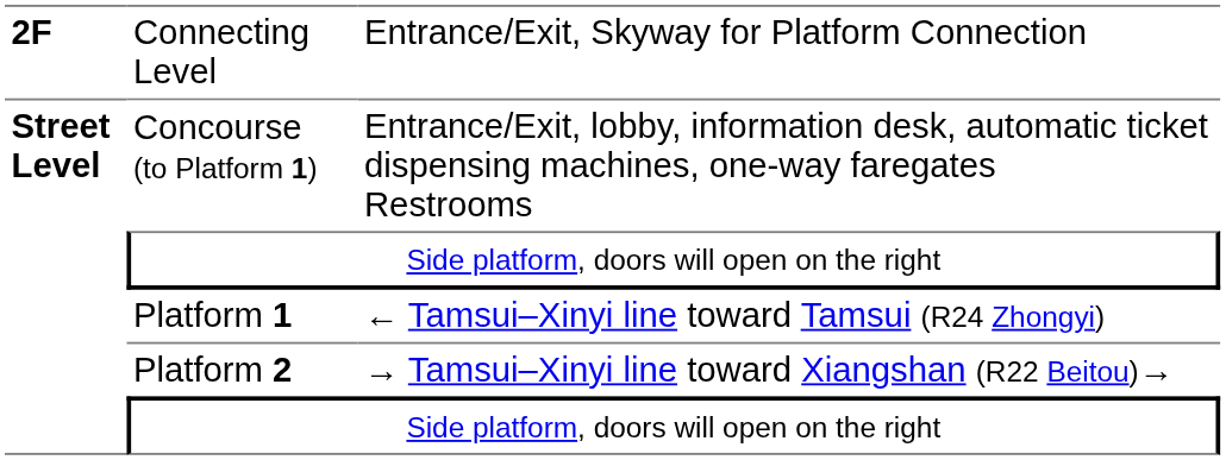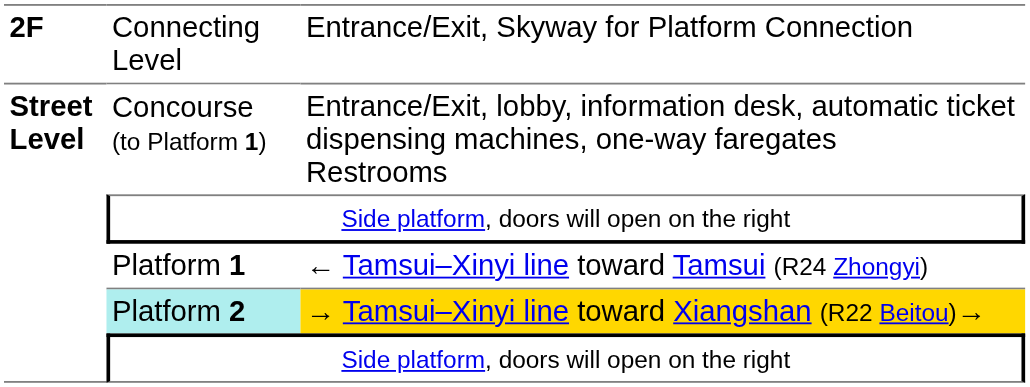 <table table border=0 cellspacing=0 cellpadding=3>
 <tr>
 <td style="border-bottom:solid 1px gray;border-top:solid 1px gray;" width=50 valign=top><strong>2F</strong></td>
 <td style="border-top:solid 1px gray;border-bottom:solid 1px gray;" width=100 valign=top>Connecting Level</td>
 <td style="border-top:solid 1px gray;border-bottom:solid 1px gray;" width=390 valign=top>Entrance/Exit, Skyway for Platform Connection</td>
 </tr>
 <tr>
 <td style="border-bottom:solid 1px gray;" width=50 rowspan=10 valign=top><strong>Street Level</strong></td>
 </tr>
 <tr>
 <td style="border-top:solid 1px white;" rowspan=2 valign=top>Concourse<br><small> (to Platform <span><strong>1</strong></span>)</small></td>
 </tr>
 <tr>
 <td width=390>Entrance/Exit, lobby, information desk, automatic ticket dispensing machines, one-way faregates<br>Restrooms</td>
 </tr>
 <tr>
 <td style="border-right:solid 2px black;border-left:solid 2px black;border-bottom:solid 2px black;border-top:solid 1px gray;text-align:center;" colspan=2><small><a href='#'>Side platform</a>, doors will open on the right</small></td>
 </tr>
 <tr>
 <td style="border-bottom:solid 1px gray;" width=100>Platform <span><strong>1</strong></span></td>
 <td style="border-bottom:solid 1px gray;" width=390>←  <a href='#'>Tamsui–Xinyi line</a> toward <a href='#'>Tamsui</a> <small>(R24 <a href='#'>Zhongyi</a>)</small></td>
 </tr>
 <tr>
-<td>Platform <span><strong>2</strong></span></td>
-<td><span>→</span>  <a href='#'>Tamsui–Xinyi line</a> toward <a href='#'>Xiangshan</a> <small>(R22 <a href='#'>Beitou</a>)</small>→</td>
+<td style="background: paleturquoise;">Platform <span><strong>2</strong></span></td>
+<td style="background: gold;"><span>→</span>  <a href='#'>Tamsui–Xinyi line</a> toward <a href='#'>Xiangshan</a> <small>(R22 <a href='#'>Beitou</a>)</small>→</td>
 </tr>
 <tr>
 <td style="border-top:solid 2px black;border-right:solid 2px black;border-left:solid 2px black;border-bottom:solid 1px gray;text-align:center;" colspan=2><small><a href='#'>Side platform</a>, doors will open on the right</small></td>
 </tr>
 </table>
